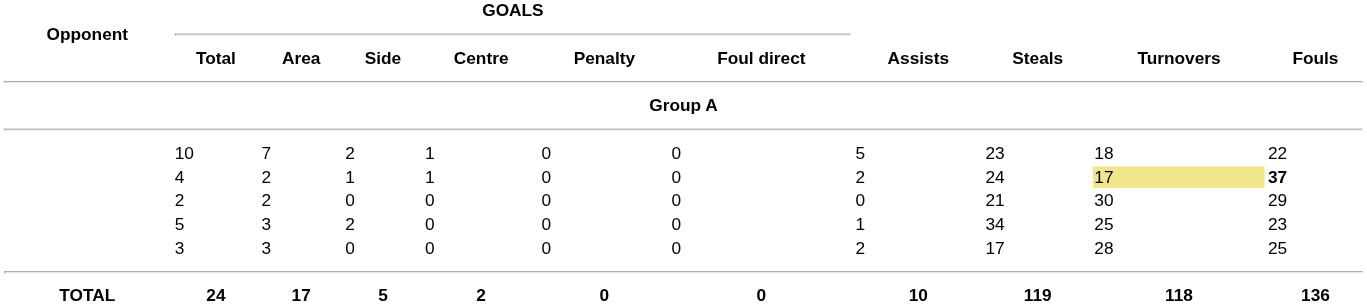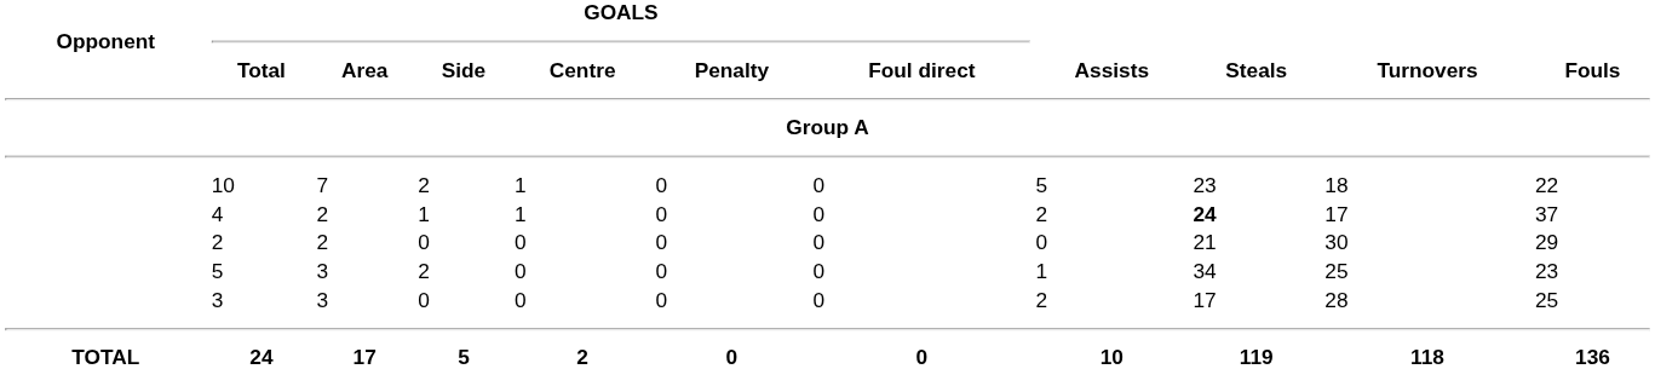 <table border=0 width=100%>
 <tr>
 <th rowspan=3>Opponent</th>
 <th align=center colspan=6 valign=bottom>GOALS</th>
 <th rowspan=3 valign=bottom>Assists</th>
 <th rowspan=3 valign=bottom>Steals</th>
 <th rowspan=3 valign=bottom>Turnovers</th>
 <th rowspan=3 valign=bottom>Fouls</th>
 </tr>
 <tr>
 <th colspan=6><hr></th>
 </tr>
 <tr>
 <th>Total</th>
 <th>Area</th>
 <th>Side</th>
 <th>Centre</th>
 <th>Penalty</th>
 <th>Foul direct</th>
 </tr>
 <tr>
 <th colspan=11><hr></th>
 </tr>
 <tr>
 <th colspan=11>Group A</th>
 </tr>
 <tr>
 <th colspan=11><hr></th>
 </tr>
 <tr>
 <td></td>
 <td>10</td>
 <td>7</td>
 <td>2</td>
 <td>1</td>
 <td>0</td>
 <td>0</td>
 <td>5</td>
 <td>23</td>
 <td>18</td>
 <td>22</td>
 </tr>
 <tr>
 <td></td>
 <td>4</td>
 <td>2</td>
 <td>1</td>
 <td>1</td>
 <td>0</td>
 <td>0</td>
 <td>2</td>
-<td>24</td>
-<td style="background: khaki;">17</td>
-<td><strong>37</strong></td>
+<td><strong>24</strong></td>
+<td>17</td>
+<td>37</td>
 </tr>
 <tr>
 <td></td>
 <td>2</td>
 <td>2</td>
 <td>0</td>
 <td>0</td>
 <td>0</td>
 <td>0</td>
 <td>0</td>
 <td>21</td>
 <td>30</td>
 <td>29</td>
 </tr>
 <tr>
 <td></td>
 <td>5</td>
 <td>3</td>
 <td>2</td>
 <td>0</td>
 <td>0</td>
 <td>0</td>
 <td>1</td>
 <td>34</td>
 <td>25</td>
 <td>23</td>
 </tr>
 <tr>
 <td></td>
 <td>3</td>
 <td>3</td>
 <td>0</td>
 <td>0</td>
 <td>0</td>
 <td>0</td>
 <td>2</td>
 <td>17</td>
 <td>28</td>
 <td>25</td>
 </tr>
 <tr>
 <td colspan=11><hr></td>
 </tr>
 <tr>
 <th>TOTAL</th>
 <th>24</th>
 <th>17</th>
 <th>5</th>
 <th>2</th>
 <th>0</th>
 <th>0</th>
 <th>10</th>
 <th>119</th>
 <th>118</th>
 <th>136</th>
 </tr>
 </table>
